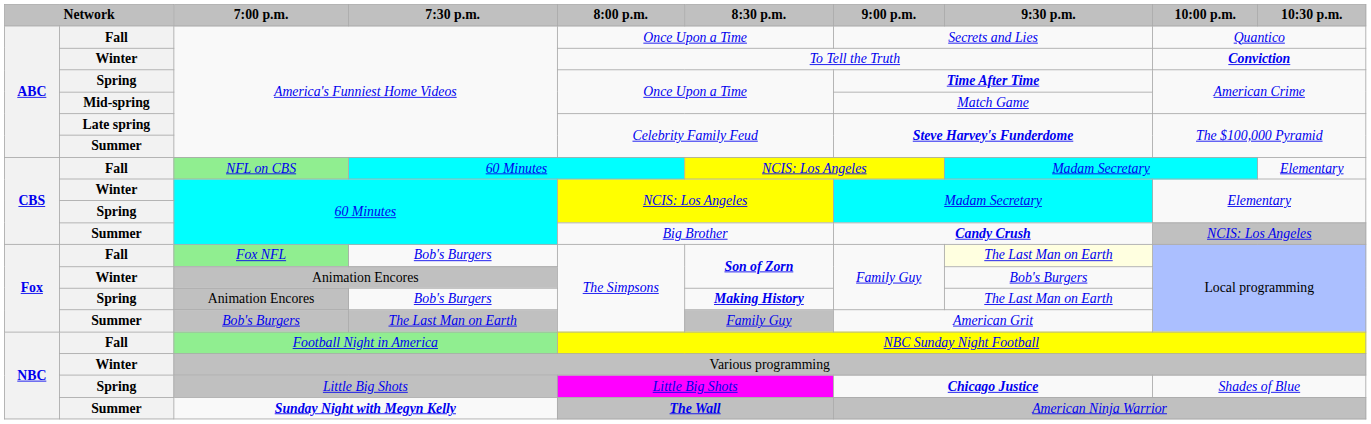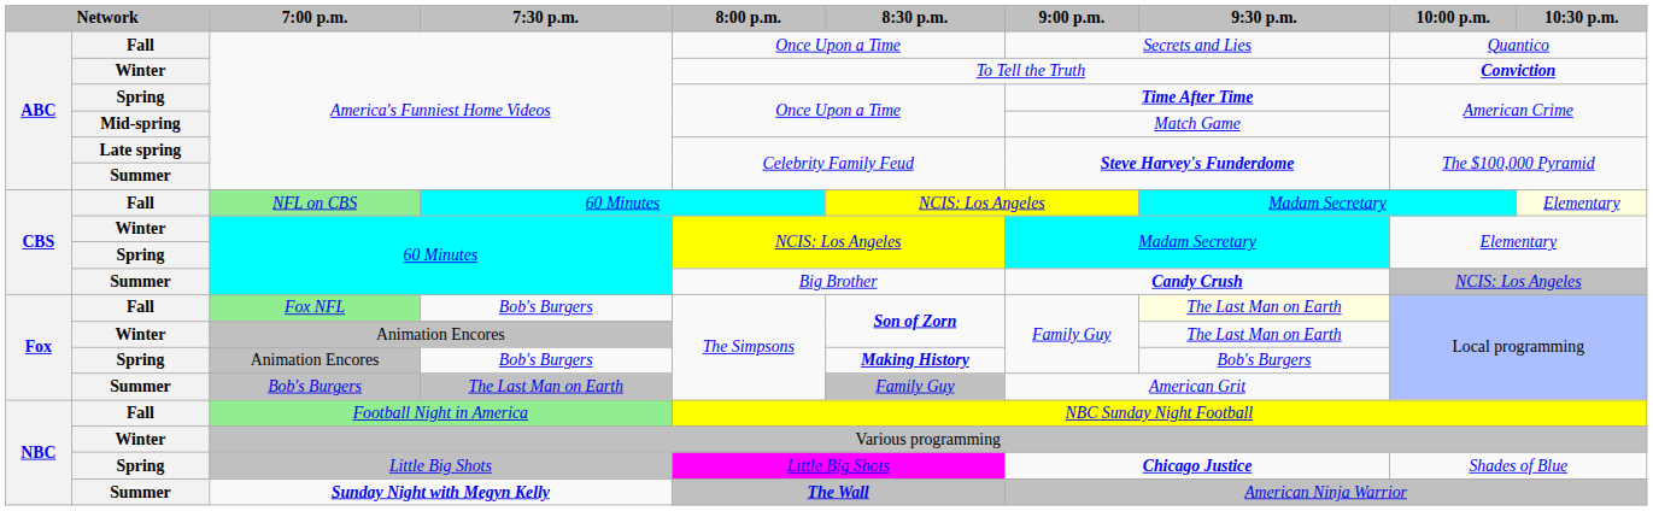 <table class="wikitable" style="width:100%;margin-right:0;text-align:center">
 <tr>
 <th colspan="2" style="background-color:#C0C0C0;text-align:center">Network</th>
 <th style="background-color:#C0C0C0;text-align:center">7:00 p.m.</th>
 <th style="background-color:#C0C0C0;text-align:center">7:30 p.m.</th>
 <th style="background-color:#C0C0C0;text-align:center">8:00 p.m.</th>
 <th style="background-color:#C0C0C0;text-align:center">8:30 p.m.</th>
 <th style="background-color:#C0C0C0;text-align:center">9:00 p.m.</th>
 <th style="background-color:#C0C0C0;text-align:center">9:30 p.m.</th>
 <th style="background-color:#C0C0C0;text-align:center">10:00 p.m.</th>
 <th style="background-color:#C0C0C0;text-align:center">10:30 p.m.</th>
 </tr>
 <tr>
 <th rowspan="6"><a href='#'>ABC</a></th>
 <th>Fall</th>
 <td rowspan="6" colspan="2"><em><a href='#'>America's Funniest Home Videos</a></em></td>
 <td colspan="2"><em><a href='#'>Once Upon a Time</a></em></td>
 <td colspan="2"><em><a href='#'>Secrets and Lies</a></em></td>
 <td colspan="2"><em><a href='#'>Quantico</a></em></td>
 </tr>
 <tr>
 <th>Winter</th>
 <td colspan="4"><em><a href='#'>To Tell the Truth</a></em></td>
 <td colspan="2"><strong><em><a href='#'>Conviction</a></em></strong></td>
 </tr>
 <tr>
 <th>Spring</th>
 <td rowspan="2" colspan="2"><em><a href='#'>Once Upon a Time</a></em></td>
 <td colspan="2"><strong><em><a href='#'>Time After Time</a></em></strong></td>
 <td rowspan="2" colspan="2"><em><a href='#'>American Crime</a></em></td>
 </tr>
 <tr>
 <th>Mid-spring</th>
 <td colspan="2"><em><a href='#'>Match Game</a></em></td>
 </tr>
 <tr>
 <th>Late spring</th>
 <td rowspan="2" colspan="2"><em><a href='#'>Celebrity Family Feud</a></em></td>
 <td rowspan="2" colspan="2"><strong><em><a href='#'>Steve Harvey's Funderdome</a></em></strong></td>
 <td rowspan="2" colspan="2"><em><a href='#'>The $100,000 Pyramid</a></em></td>
 </tr>
 <tr>
 <th>Summer</th>
 </tr>
 <tr>
 <th rowspan="4"><a href='#'>CBS</a></th>
 <th>Fall</th>
 <td style="background:lightgreen"><em><a href='#'>NFL on CBS</a></em></td>
 <td colspan="2" style="background:#00FFFF"><em><a href='#'>60 Minutes</a></em> </td>
 <td colspan="2" style="background:#FFFF00"><em><a href='#'>NCIS: Los Angeles</a></em> </td>
 <td colspan="2" style="background:#00FFFF"><em><a href='#'>Madam Secretary</a></em> </td>
-<td><em><a href='#'>Elementary</a></em> </td>
+<td style="background: lightyellow;"><em><a href='#'>Elementary</a></em> </td>
 </tr>
 <tr>
 <th>Winter</th>
 <td colspan="2" rowspan="3" style="background:#00FFFF"><em><a href='#'>60 Minutes</a></em> </td>
 <td colspan="2" rowspan="2" style="background:#FFFF00"><em><a href='#'>NCIS: Los Angeles</a></em> </td>
 <td colspan="2" rowspan="2" style="background:#00FFFF"><em><a href='#'>Madam Secretary</a></em> </td>
 <td colspan="2" rowspan="2"><em><a href='#'>Elementary</a></em></td>
 </tr>
 <tr>
 <th>Spring</th>
 </tr>
 <tr>
 <th>Summer</th>
 <td colspan="2"><em><a href='#'>Big Brother</a></em></td>
 <td colspan="2"><strong><em><a href='#'>Candy Crush</a></em></strong></td>
 <td style="background:#C0C0C0;" colspan="2"><em><a href='#'>NCIS: Los Angeles</a></em> </td>
 </tr>
 <tr>
 <th rowspan="4"><a href='#'>Fox</a></th>
 <th>Fall</th>
 <td style="background:lightgreen"><em><a href='#'>Fox NFL</a></em></td>
 <td><em><a href='#'>Bob's Burgers</a></em></td>
 <td rowspan="4"><em><a href='#'>The Simpsons</a></em></td>
 <td rowspan="2"><strong><em><a href='#'>Son of Zorn</a></em></strong></td>
 <td rowspan="3"><em><a href='#'>Family Guy</a></em></td>
 <td style="background: lightyellow;"><em><a href='#'>The Last Man on Earth</a></em></td>
 <td style="background:#abbfff;" colspan="2" rowspan="4">Local programming</td>
 </tr>
 <tr>
 <th>Winter</th>
 <td colspan="2" style="background:#C0C0C0;">Animation Encores</td>
-<td><em><a href='#'>Bob's Burgers</a></em></td>
+<td><em><a href='#'>The Last Man on Earth</a></em></td>
 </tr>
 <tr>
 <th>Spring</th>
 <td style="background:#C0C0C0;">Animation Encores</td>
 <td><em><a href='#'>Bob's Burgers</a></em></td>
 <td><strong><em><a href='#'>Making History</a></em></strong></td>
-<td><em><a href='#'>The Last Man on Earth</a></em></td>
+<td><em><a href='#'>Bob's Burgers</a></em></td>
 </tr>
 <tr>
 <th>Summer</th>
 <td style="background:#C0C0C0;"><em><a href='#'>Bob's Burgers</a></em> </td>
 <td style="background:#C0C0C0;"><em><a href='#'>The Last Man on Earth</a></em> </td>
 <td style="background:#C0C0C0;"><em><a href='#'>Family Guy</a></em> </td>
 <td colspan="2"><em><a href='#'>American Grit</a></em></td>
 </tr>
 <tr>
 <th rowspan="4"><a href='#'>NBC</a></th>
 <th>Fall</th>
 <td colspan="2" style="background:lightgreen"><em><a href='#'>Football Night in America</a></em></td>
 <td colspan="6" style="background:#FFFF00"><em><a href='#'>NBC Sunday Night Football</a></em>   </td>
 </tr>
 <tr>
 <th>Winter</th>
 <td style="background:#C0C0C0;" colspan="9">Various programming</td>
 </tr>
 <tr>
 <th>Spring</th>
 <td style="background:#C0C0C0;" colspan="2"><em><a href='#'>Little Big Shots</a></em> </td>
 <td colspan="2" style="background:#FF00FF"><em><a href='#'>Little Big Shots</a></em> </td>
 <td colspan="2"><strong><em><a href='#'>Chicago Justice</a></em></strong></td>
 <td colspan="2"><em><a href='#'>Shades of Blue</a></em></td>
 </tr>
 <tr>
 <th>Summer</th>
 <td colspan="2"><strong><em><a href='#'>Sunday Night with Megyn Kelly</a></em></strong></td>
 <td style="background:#C0C0C0;" colspan="2"><strong><em><a href='#'>The Wall</a></em></strong> </td>
 <td style="background:#C0C0C0;" colspan="4"><em><a href='#'>American Ninja Warrior</a></em> </td>
 </tr>
 </table>
